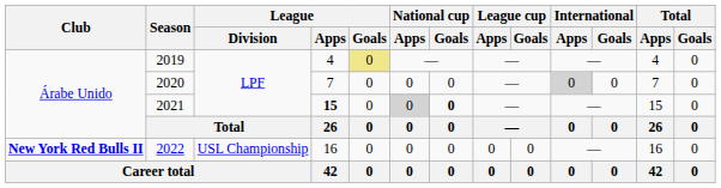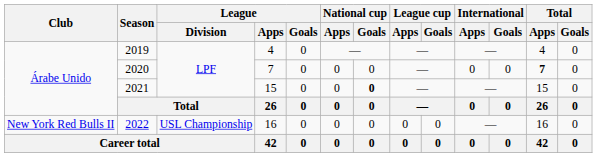 <table class="wikitable" style="text-align:center">
 <tr>
 <th rowspan="2">Club</th>
 <th rowspan="2">Season</th>
 <th colspan="3">League</th>
 <th colspan="2">National cup</th>
 <th colspan="2">League cup</th>
 <th colspan="2">International</th>
 <th colspan="2">Total</th>
 </tr>
 <tr>
 <th>Division</th>
 <th>Apps</th>
 <th>Goals</th>
 <th>Apps</th>
 <th>Goals</th>
 <th>Apps</th>
 <th>Goals</th>
 <th>Apps</th>
 <th>Goals</th>
 <th>Apps</th>
 <th>Goals</th>
 </tr>
 <tr>
 <td rowspan="4"><a href='#'>Árabe Unido</a></td>
 <td>2019</td>
 <td rowspan="3"><a href='#'>LPF</a></td>
 <td>4</td>
-<td style="background: khaki;">0</td>
+<td>0</td>
 <td colspan="2">—</td>
 <td colspan="2">—</td>
 <td colspan="2">—</td>
 <td>4</td>
 <td>0</td>
 </tr>
 <tr>
 <td>2020</td>
 <td>7</td>
 <td>0</td>
 <td>0</td>
 <td>0</td>
 <td colspan="2">—</td>
-<td style="background: lightgrey;">0</td>
 <td>0</td>
-<td>7</td>
+<td>0</td>
+<td><strong>7</strong></td>
 <td>0</td>
 </tr>
 <tr>
 <td>2021</td>
-<td><strong>15</strong></td>
+<td>15</td>
 <td>0</td>
-<td style="background: lightgrey;">0</td>
+<td>0</td>
 <td><strong>0</strong></td>
 <td colspan="2">—</td>
 <td colspan="2">—</td>
 <td>15</td>
 <td>0</td>
 </tr>
 <tr>
 <th colspan="2">Total</th>
 <th>26</th>
 <th>0</th>
 <th>0</th>
 <th>0</th>
 <th colspan="2">—</th>
 <th>0</th>
 <th>0</th>
 <th>26</th>
 <th>0</th>
 </tr>
 <tr>
-<td><strong><a href='#'>New York Red Bulls II</a></strong></td>
+<td><a href='#'>New York Red Bulls II</a></td>
 <td><a href='#'>2022</a></td>
 <td><a href='#'>USL Championship</a></td>
 <td>16</td>
 <td>0</td>
 <td>0</td>
 <td>0</td>
 <td>0</td>
 <td>0</td>
 <td colspan="2">—</td>
 <td>16</td>
 <td>0</td>
 </tr>
 <tr>
 <th colspan="3">Career total</th>
 <th>42</th>
 <th>0</th>
 <th>0</th>
 <th>0</th>
 <th>0</th>
 <th>0</th>
 <th>0</th>
 <th>0</th>
 <th>42</th>
 <th>0</th>
 </tr>
 </table>
